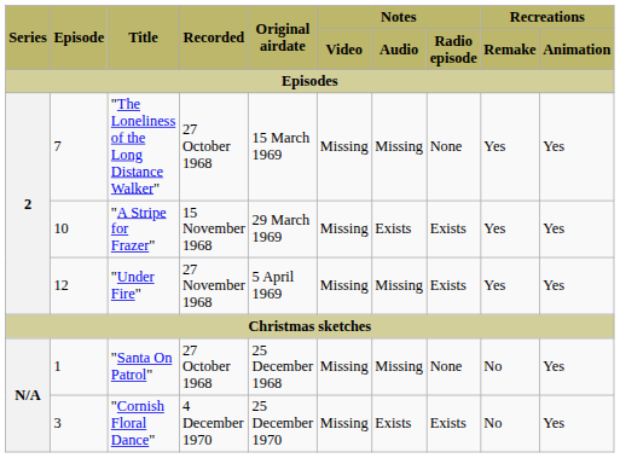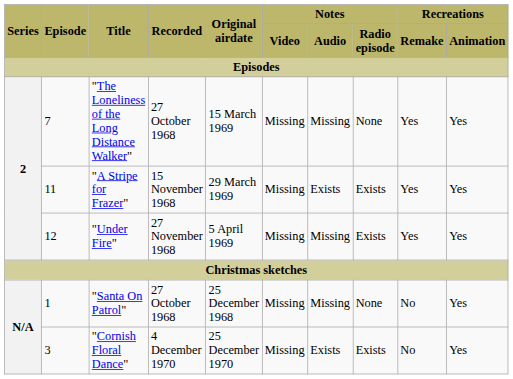 <table class="wikitable">
 <tr>
 <th rowspan="2" style="background :#bdb76b;">Series<br> </th>
 <th rowspan="2" style="background: #bdb76b;">Episode<br> </th>
 <th rowspan="2" style="background: #bdb76b;">Title</th>
 <th rowspan="2" style="background: #BDB76B;">Recorded</th>
 <th rowspan="2" style="background: #bdb76b;">Original airdate</th>
 <th colspan="3" style="background: #bdb76b;">Notes</th>
 <th colspan="2" style="background: #bdb76b;">Recreations</th>
 </tr>
 <tr>
 <th style="background: #bdb76b; width: 8em;">Video</th>
 <th style="background: #bdb76b; width: 8em;">Audio</th>
 <th style="background: #bdb76b; width: 8em;">Radio episode</th>
 <th style="background: #bdb76b; width: 8em;">Remake</th>
 <th style="background: #bdb76b; width: 8em;">Animation</th>
 </tr>
 <tr>
 <th colspan="10" style="background :#d3cf9b;">Episodes</th>
 </tr>
 <tr>
 <th rowspan="3">2</th>
 <td>7</td>
 <td>"<a href='#'>The Loneliness of the Long Distance Walker</a>"</td>
 <td>27 October 1968</td>
 <td>15 March 1969</td>
 <td>Missing</td>
 <td>Missing</td>
 <td>None</td>
 <td>Yes</td>
 <td>Yes</td>
 </tr>
 <tr>
-<td>10</td>
+<td>11</td>
 <td>"<a href='#'>A Stripe for Frazer</a>"</td>
 <td>15 November 1968</td>
 <td>29 March 1969</td>
 <td>Missing</td>
 <td>Exists</td>
 <td>Exists</td>
 <td>Yes</td>
 <td>Yes</td>
 </tr>
 <tr>
 <td>12</td>
 <td>"<a href='#'>Under Fire</a>"</td>
 <td>27 November 1968</td>
 <td>5 April 1969</td>
 <td>Missing</td>
 <td>Missing</td>
 <td>Exists</td>
 <td>Yes</td>
 <td>Yes</td>
 </tr>
 <tr>
 <th scope="col" colspan="10" style="background :#d3cf9b;">Christmas sketches</th>
 </tr>
 <tr>
 <th rowspan="2">N/A</th>
 <td>1</td>
 <td>"<a href='#'>Santa On Patrol</a>"</td>
 <td>27 October 1968</td>
 <td>25 December 1968</td>
 <td>Missing</td>
 <td>Missing</td>
 <td>None</td>
 <td>No</td>
 <td>Yes</td>
 </tr>
 <tr>
 <td>3</td>
 <td>"<a href='#'>Cornish Floral Dance</a>"</td>
 <td>4 December 1970</td>
 <td>25 December 1970</td>
 <td>Missing</td>
 <td>Exists</td>
 <td>Exists</td>
 <td>No</td>
 <td>Yes</td>
 </tr>
 </table>
